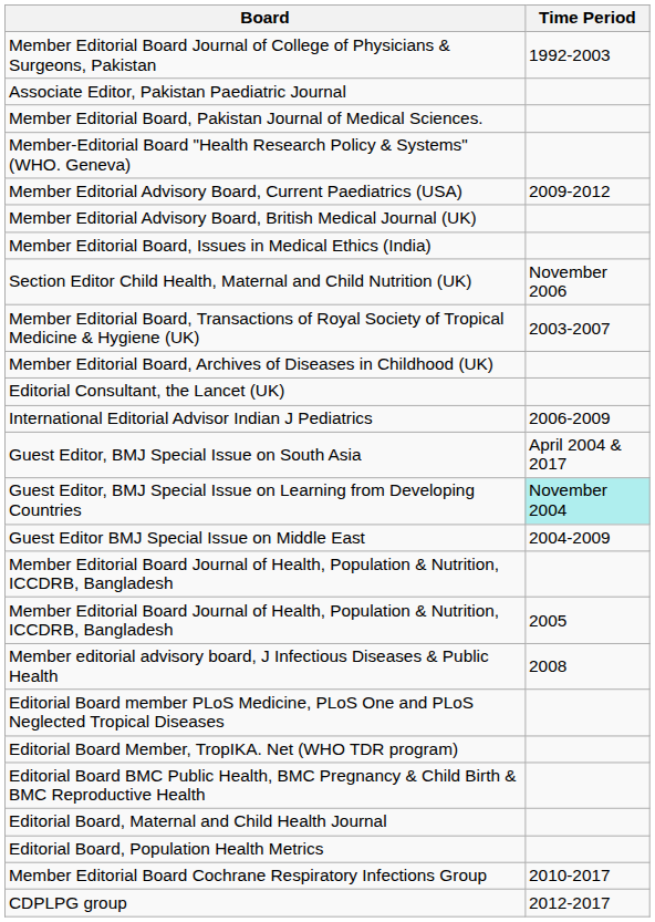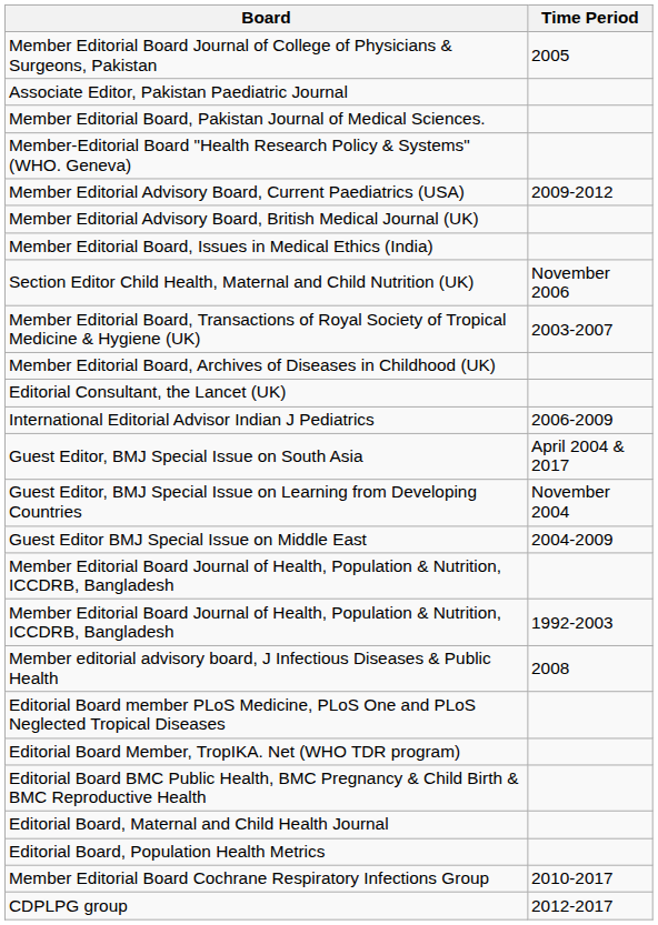 <table class="wikitable">
 <tr>
 <th>Board</th>
 <th>Time Period</th>
 </tr>
 <tr>
 <td>Member Editorial Board Journal of College of Physicians & Surgeons, Pakistan</td>
-<td>1992-2003</td>
+<td>2005</td>
 </tr>
 <tr>
 <td>Associate Editor, Pakistan Paediatric Journal</td>
 <td></td>
 </tr>
 <tr>
 <td>Member Editorial Board, Pakistan Journal of Medical Sciences.</td>
 <td></td>
 </tr>
 <tr>
 <td>Member-Editorial Board "Health Research Policy & Systems" (WHO. Geneva)</td>
 <td></td>
 </tr>
 <tr>
 <td>Member Editorial Advisory Board, Current Paediatrics (USA)</td>
 <td>2009-2012</td>
 </tr>
 <tr>
 <td>Member Editorial Advisory Board, British Medical Journal (UK)</td>
 <td></td>
 </tr>
 <tr>
 <td>Member Editorial Board, Issues in Medical Ethics (India)</td>
 <td></td>
 </tr>
 <tr>
 <td>Section Editor Child Health, Maternal and Child Nutrition (UK)</td>
 <td>November 2006</td>
 </tr>
 <tr>
 <td>Member Editorial Board, Transactions of Royal Society of Tropical Medicine & Hygiene (UK)</td>
 <td>2003-2007</td>
 </tr>
 <tr>
 <td>Member Editorial Board, Archives of Diseases in Childhood (UK)</td>
 <td></td>
 </tr>
 <tr>
 <td>Editorial Consultant, the Lancet (UK)</td>
 <td></td>
 </tr>
 <tr>
 <td>International Editorial Advisor Indian J Pediatrics</td>
 <td>2006-2009</td>
 </tr>
 <tr>
 <td>Guest Editor, BMJ Special Issue on South Asia</td>
 <td>April 2004 & 2017</td>
 </tr>
 <tr>
 <td>Guest Editor, BMJ Special Issue on Learning from Developing Countries</td>
-<td style="background: paleturquoise;">November 2004</td>
+<td>November 2004</td>
 </tr>
 <tr>
 <td>Guest Editor BMJ Special Issue on Middle East</td>
 <td>2004-2009</td>
 </tr>
 <tr>
 <td>Member Editorial Board Journal of Health, Population & Nutrition, ICCDRB, Bangladesh</td>
 <td></td>
 </tr>
 <tr>
 <td>Member Editorial Board Journal of Health, Population & Nutrition, ICCDRB, Bangladesh</td>
-<td>2005</td>
+<td>1992-2003</td>
 </tr>
 <tr>
 <td>Member editorial advisory board, J Infectious Diseases & Public Health</td>
 <td>2008</td>
 </tr>
 <tr>
 <td>Editorial Board member PLoS Medicine, PLoS One  and PLoS Neglected Tropical Diseases</td>
 <td></td>
 </tr>
 <tr>
 <td>Editorial Board Member, TropIKA. Net (WHO TDR program)</td>
 <td></td>
 </tr>
 <tr>
 <td>Editorial Board BMC Public Health, BMC Pregnancy & Child Birth & BMC Reproductive Health</td>
 <td></td>
 </tr>
 <tr>
 <td>Editorial Board, Maternal and Child Health Journal</td>
 <td></td>
 </tr>
 <tr>
 <td>Editorial Board, Population Health Metrics</td>
 <td></td>
 </tr>
 <tr>
 <td>Member Editorial Board Cochrane Respiratory Infections Group</td>
 <td>2010-2017</td>
 </tr>
 <tr>
 <td>CDPLPG group</td>
 <td>2012-2017</td>
 </tr>
 </table>
